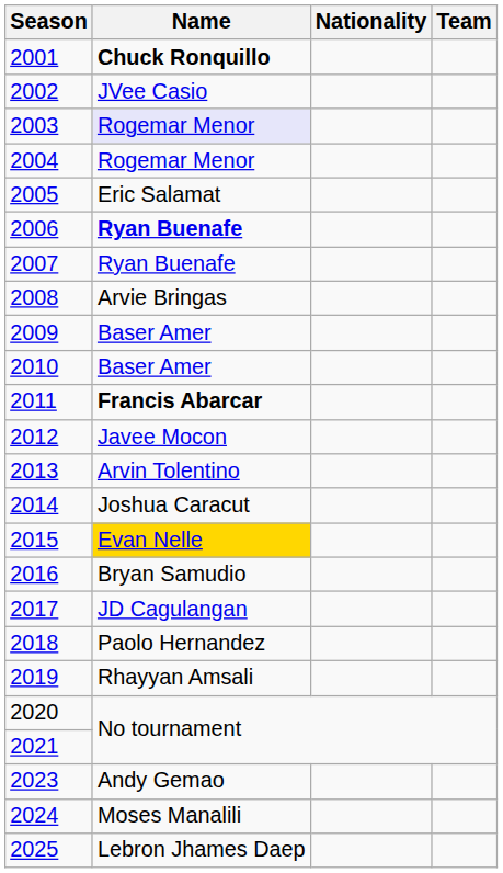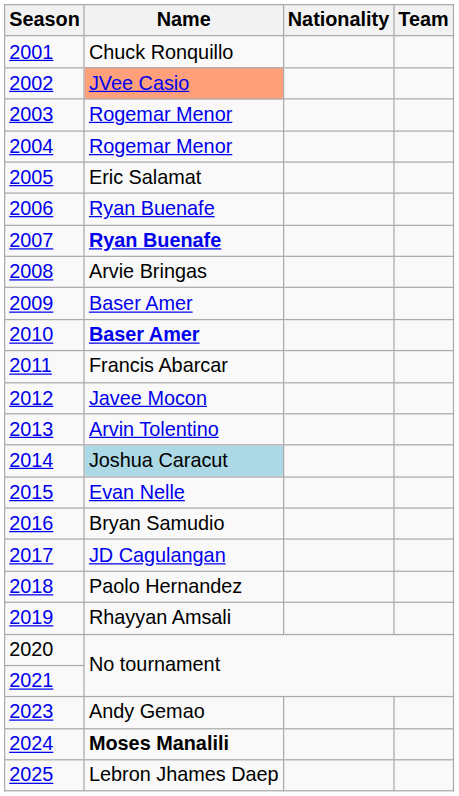 <table class="wikitable">
 <tr>
 <th>Season</th>
 <th>Name</th>
 <th>Nationality</th>
 <th>Team</th>
 </tr>
 <tr>
 <td><a href='#'>2001</a></td>
-<td><strong>Chuck Ronquillo</strong></td>
+<td>Chuck Ronquillo</td>
 <td></td>
 <td></td>
 </tr>
 <tr>
 <td><a href='#'>2002</a></td>
-<td><a href='#'>JVee Casio</a></td>
+<td style="background: lightsalmon;"><a href='#'>JVee Casio</a></td>
 <td></td>
 <td></td>
 </tr>
 <tr>
 <td><a href='#'>2003</a></td>
-<td style="background: lavender;"><a href='#'>Rogemar Menor</a></td>
+<td><a href='#'>Rogemar Menor</a></td>
 <td></td>
 <td></td>
 </tr>
 <tr>
 <td><a href='#'>2004</a></td>
 <td><a href='#'>Rogemar Menor</a></td>
 <td></td>
 <td></td>
 </tr>
 <tr>
 <td><a href='#'>2005</a></td>
 <td>Eric Salamat</td>
 <td></td>
 <td></td>
 </tr>
 <tr>
 <td><a href='#'>2006</a></td>
-<td><strong><a href='#'>Ryan Buenafe</a></strong></td>
+<td><a href='#'>Ryan Buenafe</a></td>
 <td></td>
 <td></td>
 </tr>
 <tr>
 <td><a href='#'>2007</a></td>
-<td><a href='#'>Ryan Buenafe</a></td>
+<td><strong><a href='#'>Ryan Buenafe</a></strong></td>
 <td></td>
 <td></td>
 </tr>
 <tr>
 <td><a href='#'>2008</a></td>
 <td>Arvie Bringas</td>
 <td></td>
 <td></td>
 </tr>
 <tr>
 <td><a href='#'>2009</a></td>
 <td><a href='#'>Baser Amer</a></td>
 <td></td>
 <td></td>
 </tr>
 <tr>
 <td><a href='#'>2010</a></td>
-<td><a href='#'>Baser Amer</a></td>
+<td><strong><a href='#'>Baser Amer</a></strong></td>
 <td></td>
 <td></td>
 </tr>
 <tr>
 <td><a href='#'>2011</a></td>
-<td><strong>Francis Abarcar</strong></td>
+<td>Francis Abarcar</td>
 <td></td>
 <td></td>
 </tr>
 <tr>
 <td><a href='#'>2012</a></td>
 <td><a href='#'>Javee Mocon</a></td>
 <td></td>
 <td></td>
 </tr>
 <tr>
 <td><a href='#'>2013</a></td>
 <td><a href='#'>Arvin Tolentino</a></td>
 <td></td>
 <td></td>
 </tr>
 <tr>
 <td><a href='#'>2014</a></td>
-<td>Joshua Caracut</td>
+<td style="background: lightblue;">Joshua Caracut</td>
 <td></td>
 <td></td>
 </tr>
 <tr>
 <td><a href='#'>2015</a></td>
-<td style="background: gold;"><a href='#'>Evan Nelle</a></td>
+<td><a href='#'>Evan Nelle</a></td>
 <td></td>
 <td></td>
 </tr>
 <tr>
 <td><a href='#'>2016</a></td>
 <td>Bryan Samudio</td>
 <td></td>
 <td></td>
 </tr>
 <tr>
 <td><a href='#'>2017</a></td>
 <td><a href='#'>JD Cagulangan</a></td>
 <td></td>
 <td></td>
 </tr>
 <tr>
 <td><a href='#'>2018</a></td>
 <td>Paolo Hernandez</td>
 <td></td>
 <td></td>
 </tr>
 <tr>
 <td><a href='#'>2019</a></td>
 <td>Rhayyan Amsali</td>
 <td></td>
 <td></td>
 </tr>
 <tr>
 <td>2020</td>
 <td colspan="3" rowspan="2">No tournament</td>
 </tr>
 <tr>
 <td><a href='#'>2021</a></td>
 </tr>
 <tr>
 <td><a href='#'>2023</a></td>
 <td>Andy Gemao</td>
 <td></td>
 <td></td>
 </tr>
 <tr>
 <td><a href='#'>2024</a></td>
-<td>Moses Manalili</td>
+<td><strong>Moses Manalili</strong></td>
 <td></td>
 <td></td>
 </tr>
 <tr>
 <td><a href='#'>2025</a></td>
 <td>Lebron Jhames Daep</td>
 <td></td>
 <td></td>
 </tr>
 </table>
